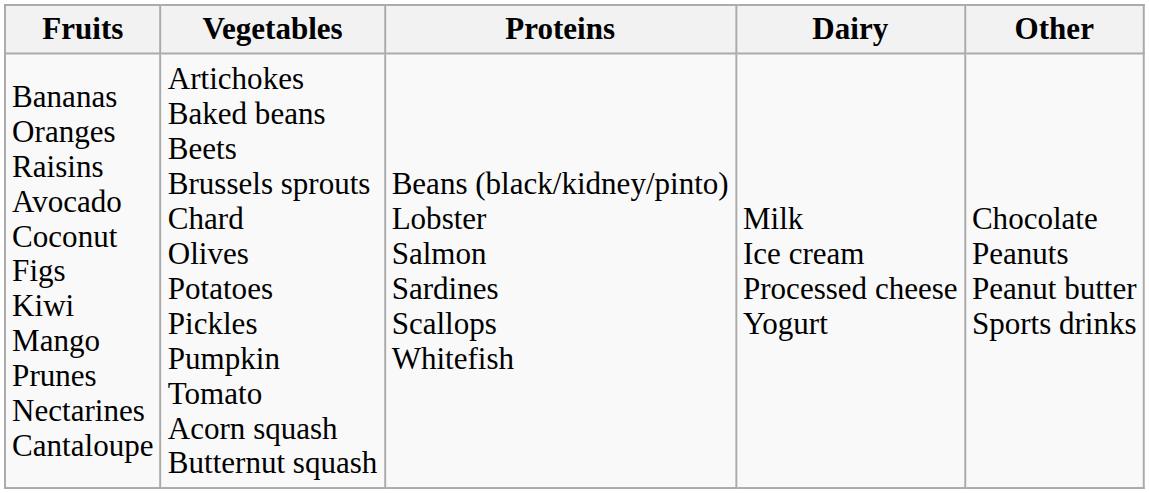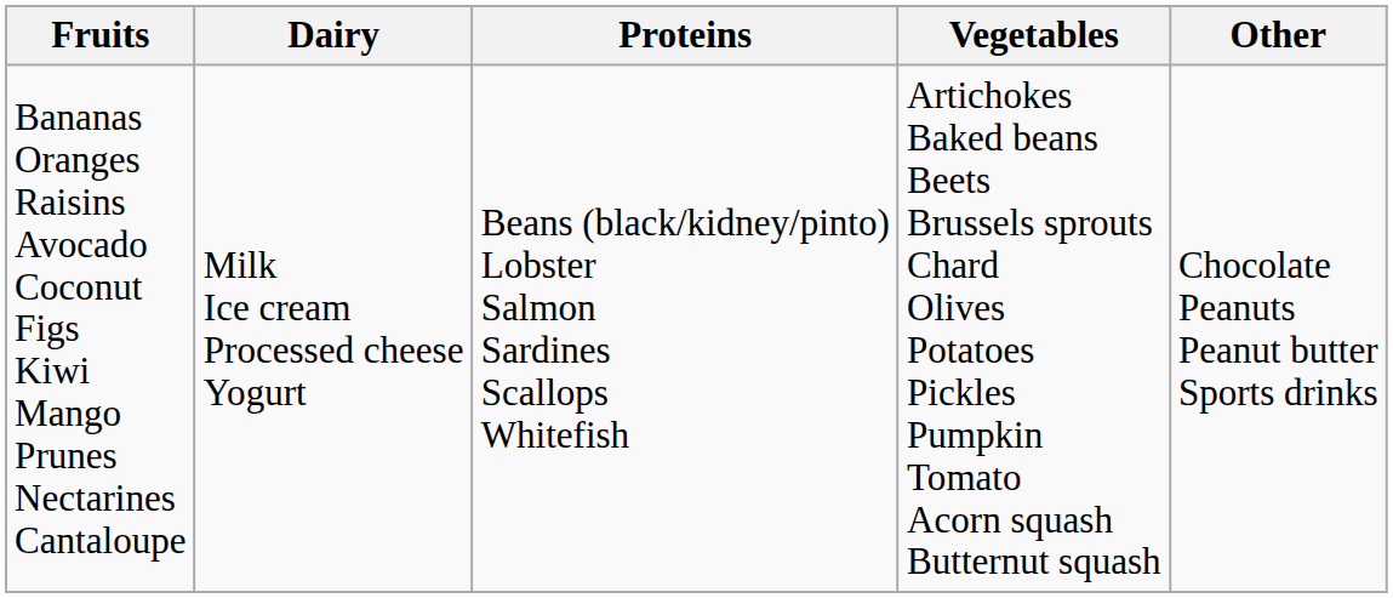 <table class="wikitable">
 <tr>
 <th>Fruits</th>
+<th>Dairy</th>
+<th>Proteins</th>
 <th>Vegetables</th>
-<th>Proteins</th>
-<th>Dairy</th>
 <th>Other</th>
 </tr>
 <tr>
 <td>Bananas<br>Oranges<br>Raisins<br>Avocado<br>Coconut<br>Figs<br>Kiwi<br>Mango<br>Prunes<br>Nectarines<br>Cantaloupe</td>
+<td>Milk<br>Ice cream<br>Processed cheese<br>Yogurt</td>
+<td>Beans (black/kidney/pinto)<br>Lobster<br>Salmon<br>Sardines<br>Scallops<br>Whitefish</td>
 <td>Artichokes<br>Baked beans<br>Beets<br>Brussels sprouts<br>Chard<br>Olives<br>Potatoes<br>Pickles<br>Pumpkin<br>Tomato<br>Acorn squash<br>Butternut squash</td>
-<td>Beans (black/kidney/pinto)<br>Lobster<br>Salmon<br>Sardines<br>Scallops<br>Whitefish</td>
-<td>Milk<br>Ice cream<br>Processed cheese<br>Yogurt</td>
 <td>Chocolate<br>Peanuts<br>Peanut butter<br>Sports drinks</td>
 </tr>
 </table>
